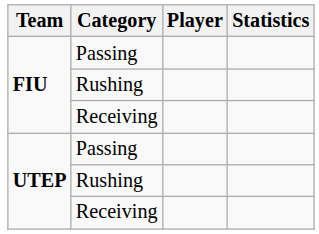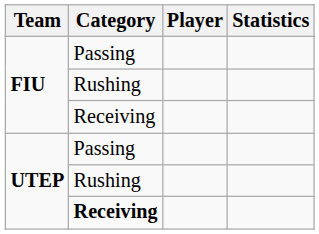 <table class="wikitable" style="float: right;">
 <tr>
 <th>Team</th>
 <th>Category</th>
 <th>Player</th>
 <th>Statistics</th>
 </tr>
 <tr>
 <td rowspan=3><strong>FIU</strong></td>
 <td>Passing</td>
 <td></td>
 <td></td>
 </tr>
 <tr>
 <td>Rushing</td>
 <td></td>
 <td></td>
 </tr>
 <tr>
 <td>Receiving</td>
 <td></td>
 <td></td>
 </tr>
 <tr>
 <td rowspan=3><strong>UTEP</strong></td>
 <td>Passing</td>
 <td></td>
 <td></td>
 </tr>
 <tr>
 <td>Rushing</td>
 <td></td>
 <td></td>
 </tr>
 <tr>
-<td>Receiving</td>
+<td><strong>Receiving</strong></td>
 <td></td>
 <td></td>
 </tr>
 </table>
